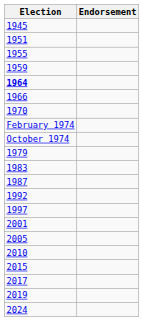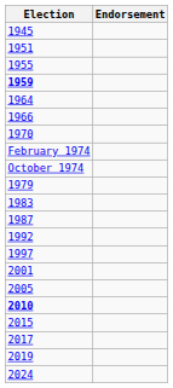 <table class="wikitable">
 <tr>
 <th>Election</th>
 <th colspan="2">Endorsement</th>
 </tr>
 <tr>
 <td><a href='#'>1945</a></td>
 <td></td>
 </tr>
 <tr>
 <td><a href='#'>1951</a></td>
 <td></td>
 </tr>
 <tr>
 <td><a href='#'>1955</a></td>
 <td></td>
 </tr>
 <tr>
-<td><a href='#'>1959</a></td>
+<td><strong><a href='#'>1959</a></strong></td>
 <td></td>
 </tr>
 <tr>
-<td><strong><a href='#'>1964</a></strong></td>
+<td><a href='#'>1964</a></td>
 <td></td>
 </tr>
 <tr>
 <td><a href='#'>1966</a></td>
 <td></td>
 </tr>
 <tr>
 <td><a href='#'>1970</a></td>
 <td></td>
 </tr>
 <tr>
 <td><a href='#'>February 1974</a></td>
 <td></td>
 </tr>
 <tr>
 <td><a href='#'>October 1974</a></td>
 <td></td>
 </tr>
 <tr>
 <td><a href='#'>1979</a></td>
 <td></td>
 </tr>
 <tr>
 <td><a href='#'>1983</a></td>
 <td></td>
 </tr>
 <tr>
 <td><a href='#'>1987</a></td>
 <td></td>
 </tr>
 <tr>
 <td><a href='#'>1992</a></td>
 <td></td>
 </tr>
 <tr>
 <td><a href='#'>1997</a></td>
 <td></td>
 </tr>
 <tr>
 <td><a href='#'>2001</a></td>
 <td></td>
 </tr>
 <tr>
 <td><a href='#'>2005</a></td>
 <td></td>
 </tr>
 <tr>
-<td><a href='#'>2010</a></td>
+<td><strong><a href='#'>2010</a></strong></td>
 <td></td>
 </tr>
 <tr>
 <td><a href='#'>2015</a></td>
 <td></td>
 </tr>
 <tr>
 <td><a href='#'>2017</a></td>
 <td></td>
 </tr>
 <tr>
 <td><a href='#'>2019</a></td>
 <td></td>
 </tr>
 <tr>
 <td><a href='#'>2024</a></td>
 <td></td>
 </tr>
 </table>
